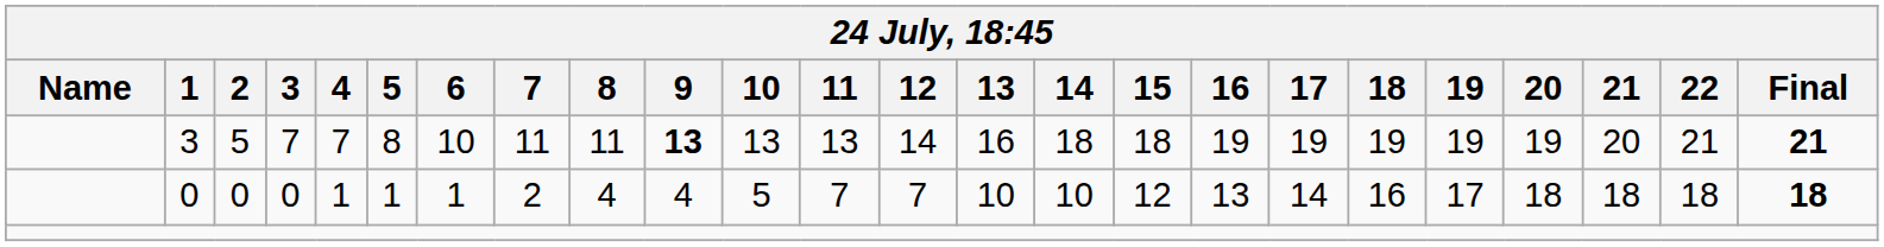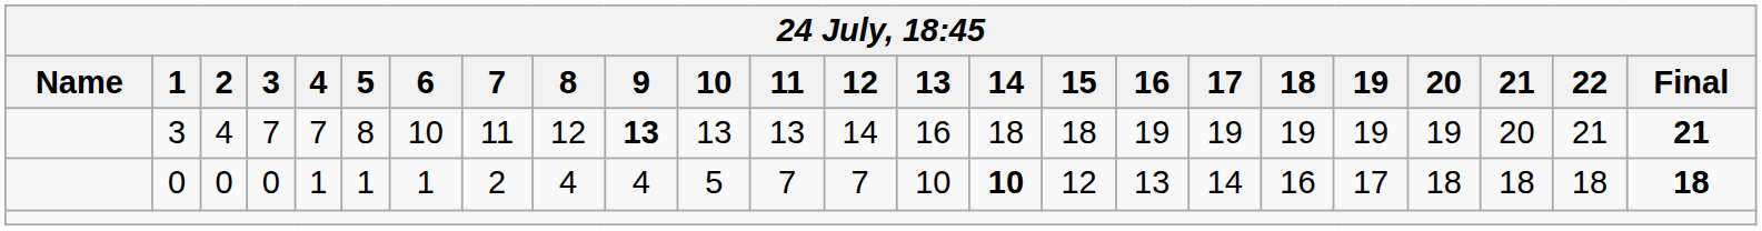 <table class=wikitable style="text-align:center; width: 55%">
 <tr>
 <th colspan=28><em>24 July, 18:45</em></th>
 </tr>
 <tr>
 <th>Name</th>
 <th>1</th>
 <th>2</th>
 <th>3</th>
 <th>4</th>
 <th>5</th>
 <th>6</th>
 <th>7</th>
 <th>8</th>
 <th>9</th>
 <th>10</th>
 <th>11</th>
 <th>12</th>
 <th>13</th>
 <th>14</th>
 <th>15</th>
 <th>16</th>
 <th>17</th>
 <th>18</th>
 <th>19</th>
 <th>20</th>
 <th>21</th>
 <th>22</th>
 <th>Final</th>
 </tr>
 <tr>
 <td align=left><strong></strong></td>
 <td>3</td>
-<td>5</td>
+<td>4</td>
 <td>7</td>
 <td>7</td>
 <td>8</td>
 <td>10</td>
 <td>11</td>
-<td>11</td>
+<td>12</td>
 <td><strong>13</strong></td>
 <td>13</td>
 <td>13</td>
 <td>14</td>
 <td>16</td>
 <td>18</td>
 <td>18</td>
 <td>19</td>
 <td>19</td>
 <td>19</td>
 <td>19</td>
 <td>19</td>
 <td>20</td>
 <td>21</td>
 <td><strong>21</strong></td>
 </tr>
 <tr>
 <td align=left></td>
 <td>0</td>
 <td>0</td>
 <td>0</td>
 <td>1</td>
 <td>1</td>
 <td>1</td>
 <td>2</td>
 <td>4</td>
 <td>4</td>
 <td>5</td>
 <td>7</td>
 <td>7</td>
 <td>10</td>
-<td>10</td>
+<td><strong>10</strong></td>
 <td>12</td>
 <td>13</td>
 <td>14</td>
 <td>16</td>
 <td>17</td>
 <td>18</td>
 <td>18</td>
 <td>18</td>
 <td><strong>18</strong></td>
 </tr>
 <tr>
 <td colspan=28></td>
 </tr>
 </table>
